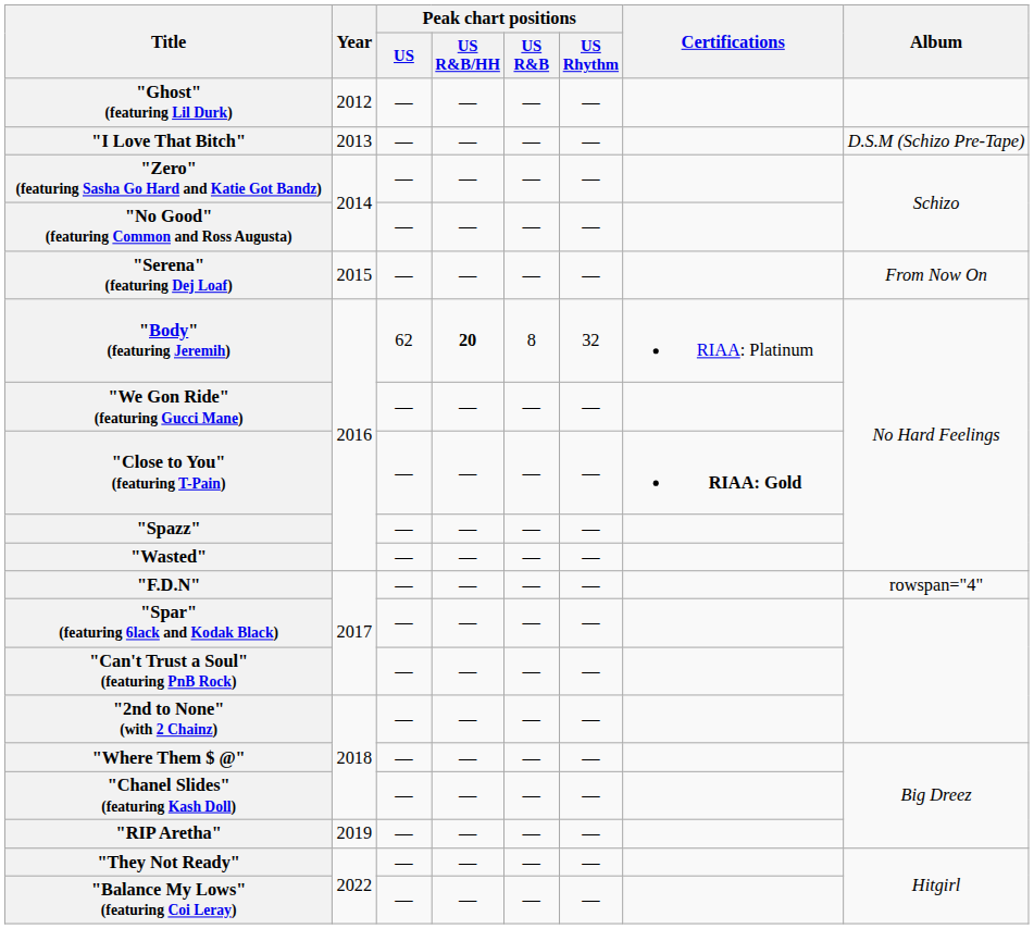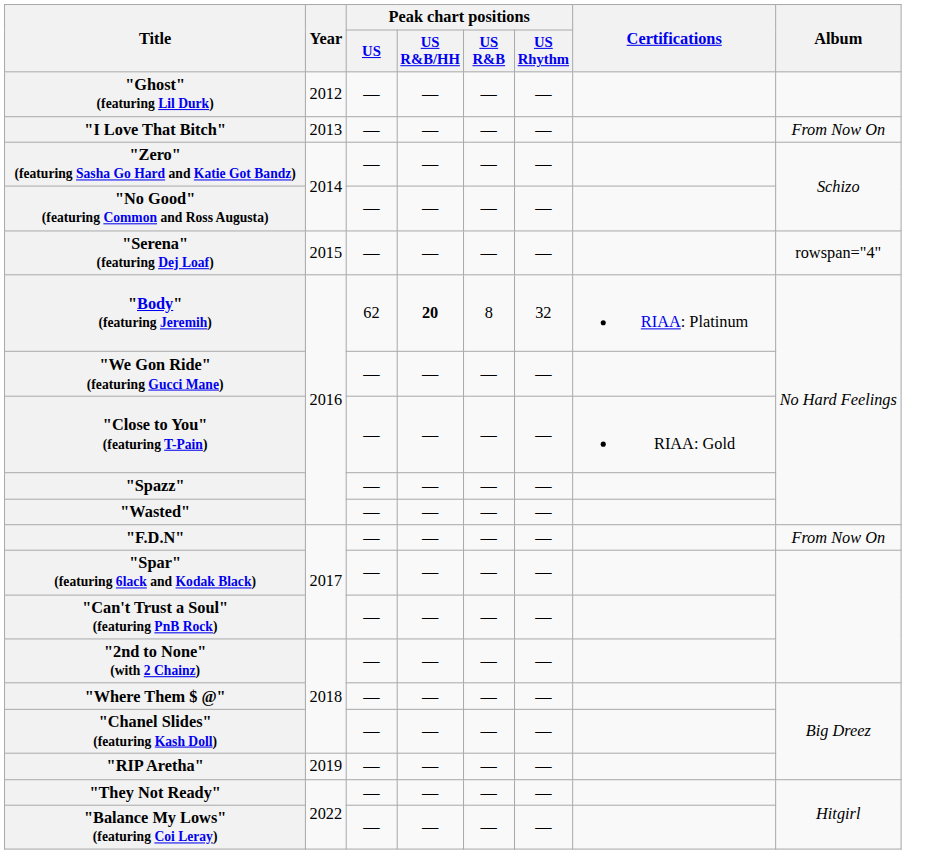 <table class="wikitable plainrowheaders" style="text-align:center;">
 <tr>
 <th scope="col" rowspan="2" style="width:18em;">Title</th>
 <th scope="col" rowspan="2">Year</th>
 <th scope="col" colspan="4">Peak chart positions</th>
 <th scope="col" rowspan="2" style="width:12em;"><a href='#'>Certifications</a></th>
 <th scope="col" rowspan="2">Album</th>
 </tr>
 <tr>
 <th scope="col" style="width:3em;font-size:90%;"><a href='#'>US</a><br></th>
 <th scope="col" style="width:3em;font-size:90%;"><a href='#'>US R&B/HH</a><br></th>
 <th scope="col" style="width:3em;font-size:90%;"><a href='#'>US R&B</a><br></th>
 <th scope="col" style="width:3em;font-size:90%;"><a href='#'>US<br>Rhythm</a><br></th>
 </tr>
 <tr>
 <th scope="row">"Ghost"<br><small>(featuring <a href='#'>Lil Durk</a>)</small></th>
 <td>2012</td>
 <td>—</td>
 <td>—</td>
 <td>—</td>
 <td>—</td>
 <td></td>
 <td></td>
 </tr>
 <tr>
 <th scope="row">"I Love That Bitch"</th>
 <td>2013</td>
 <td>—</td>
 <td>—</td>
 <td>—</td>
 <td>—</td>
 <td></td>
-<td><em>D.S.M (Schizo Pre-Tape)</em></td>
+<td><em>From Now On</em></td>
 </tr>
 <tr>
 <th scope="row">"Zero"<br><small>(featuring <a href='#'>Sasha Go Hard</a> and <a href='#'>Katie Got Bandz</a>)</small></th>
 <td rowspan="2">2014</td>
 <td>—</td>
 <td>—</td>
 <td>—</td>
 <td>—</td>
 <td></td>
 <td rowspan="2"><em>Schizo</em></td>
 </tr>
 <tr>
 <th scope="row">"No Good"<br><small>(featuring <a href='#'>Common</a> and Ross Augusta)</small></th>
 <td>—</td>
 <td>—</td>
 <td>—</td>
 <td>—</td>
 <td></td>
 </tr>
 <tr>
 <th scope="row">"Serena"<br><small>(featuring <a href='#'>Dej Loaf</a>)</small></th>
 <td>2015</td>
 <td>—</td>
 <td>—</td>
 <td>—</td>
 <td>—</td>
 <td></td>
-<td><em>From Now On</em></td>
+<td>rowspan="4" </td>
 </tr>
 <tr>
 <th scope="row">"<a href='#'>Body</a>"<br><small>(featuring <a href='#'>Jeremih</a>)</small></th>
 <td rowspan="5">2016</td>
 <td>62</td>
 <td><strong>20</strong></td>
 <td>8</td>
 <td>32</td>
 <td><br><ul><li><a href='#'>RIAA</a>: Platinum</li></ul></td>
 <td rowspan="5"><em>No Hard Feelings</em></td>
 </tr>
 <tr>
 <th scope="row">"We Gon Ride"<br><small>(featuring <a href='#'>Gucci Mane</a>)</small></th>
 <td>—</td>
 <td>—</td>
 <td>—</td>
 <td>—</td>
 <td></td>
 </tr>
 <tr>
 <th scope="row">"Close to You"<br><small>(featuring <a href='#'>T-Pain</a>)</small></th>
 <td>—</td>
 <td>—</td>
 <td>—</td>
 <td>—</td>
-<td><strong><br><ul><li>RIAA: Gold</li></ul></strong></td>
+<td><br><ul><li>RIAA: Gold</li></ul></td>
 </tr>
 <tr>
 <th scope="row">"Spazz"</th>
 <td>—</td>
 <td>—</td>
 <td>—</td>
 <td>—</td>
 <td></td>
 </tr>
 <tr>
 <th scope="row">"Wasted"</th>
 <td>—</td>
 <td>—</td>
 <td>—</td>
 <td>—</td>
 <td></td>
 </tr>
 <tr>
 <th scope="row">"F.D.N"</th>
 <td rowspan="3">2017</td>
 <td>—</td>
 <td>—</td>
 <td>—</td>
 <td>—</td>
 <td></td>
-<td>rowspan="4" </td>
+<td><em>From Now On</em></td>
 </tr>
 <tr>
 <th scope="row">"Spar" <br><small>(featuring <a href='#'>6lack</a> and <a href='#'>Kodak Black</a>)</small></th>
 <td>—</td>
 <td>—</td>
 <td>—</td>
 <td>—</td>
 <td></td>
 </tr>
 <tr>
 <th scope="row">"Can't Trust a Soul" <br><small>(featuring <a href='#'>PnB Rock</a>)</small></th>
 <td>—</td>
 <td>—</td>
 <td>—</td>
 <td>—</td>
 <td></td>
 </tr>
 <tr>
 <th scope="row">"2nd to None"<br><small>(with <a href='#'>2 Chainz</a>)</small></th>
 <td rowspan="3">2018</td>
 <td>—</td>
 <td>—</td>
 <td>—</td>
 <td>—</td>
 <td></td>
 </tr>
 <tr>
 <th scope="row">"Where Them $ @"</th>
 <td>—</td>
 <td>—</td>
 <td>—</td>
 <td>—</td>
 <td></td>
 <td rowspan="3"><em>Big Dreez</em></td>
 </tr>
 <tr>
 <th scope="row">"Chanel Slides"<br><small>(featuring <a href='#'>Kash Doll</a>)</small></th>
 <td>—</td>
 <td>—</td>
 <td>—</td>
 <td>—</td>
 <td></td>
 </tr>
 <tr>
 <th scope="row">"RIP Aretha"</th>
 <td>2019</td>
 <td>—</td>
 <td>—</td>
 <td>—</td>
 <td>—</td>
 <td></td>
 </tr>
 <tr>
 <th scope="row">"They Not Ready"</th>
 <td rowspan="2">2022</td>
 <td>—</td>
 <td>—</td>
 <td>—</td>
 <td>—</td>
 <td></td>
 <td rowspan="2"><em>Hitgirl</em></td>
 </tr>
 <tr>
 <th scope="row">"Balance My Lows"<br><small>(featuring <a href='#'>Coi Leray</a>)</small></th>
 <td>—</td>
 <td>—</td>
 <td>—</td>
 <td>—</td>
 <td></td>
 </tr>
 </table>
